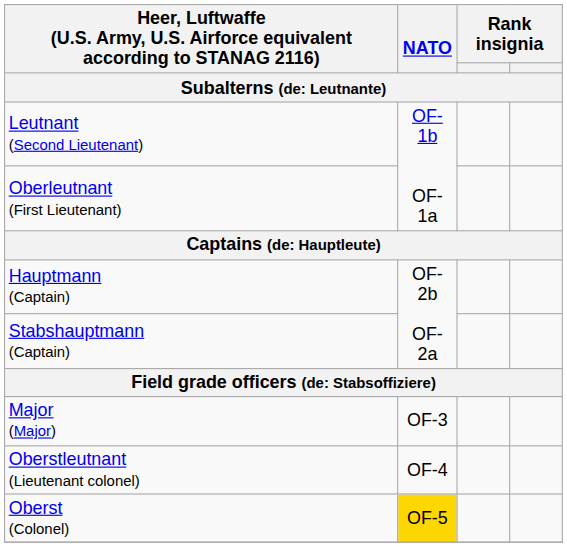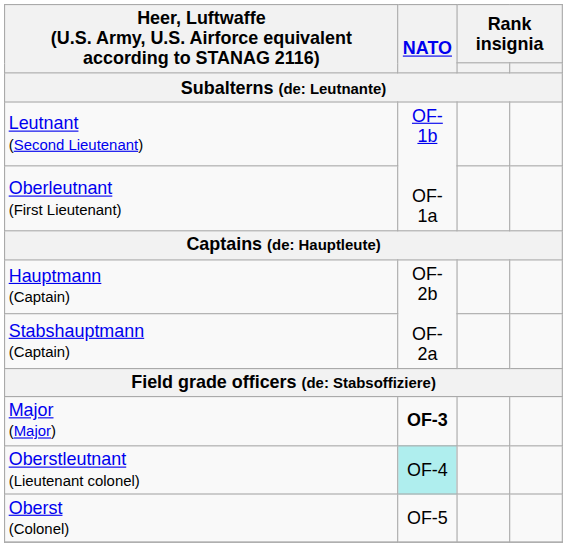 <table class="wikitable" style = "width:80%;">
 <tr>
 <th rowspan="2">Heer, Luftwaffe<br> (U.S. Army, U.S. Airforce equivalent according to STANAG 2116)</th>
 <th rowspan="2"><br><a href='#'>NATO</a></th>
 <th colspan="4">Rank insignia</th>
 </tr>
 <tr>
 <th></th>
 <th></th>
 </tr>
 <tr>
 <th colspan="7">Subalterns <small>(de: Leutnante)</small></th>
 </tr>
 <tr>
 <td><a href='#'>Leutnant</a><br><small>(<a href='#'>Second Lieutenant</a>)</small></td>
 <td align="center" rowspan="2"><a href='#'>OF-1b</a><br><br><br>OF-1a</td>
 <td></td>
 <td align="center"></td>
 </tr>
 <tr>
 <td><a href='#'>Oberleutnant</a><br><small>(First Lieutenant)</small></td>
 <td></td>
 <td></td>
 </tr>
 <tr>
 <th colspan="7">Captains <small>(de: Hauptleute)</small></th>
 </tr>
 <tr>
 <td><a href='#'>Hauptmann</a><br><small>(Captain)</small></td>
 <td align="center" rowspan="2">OF-2b<br><br>OF-2a</td>
 <td></td>
 <td></td>
 </tr>
 <tr>
 <td><a href='#'>Stabshauptmann</a><br><small>(Captain)</small></td>
 <td></td>
 <td></td>
 </tr>
 <tr>
 <th colspan="7">Field grade officers <small>(de: Stabsoffiziere)</small></th>
 </tr>
 <tr>
 <td><a href='#'>Major</a><br><small>(<a href='#'>Major</a>)</small></td>
-<td align="center">OF-3</td>
+<td align="center"><strong>OF-3</strong></td>
 <td></td>
 <td></td>
 </tr>
 <tr>
 <td><a href='#'>Oberstleutnant</a><br><small>(Lieutenant colonel)</small></td>
-<td align="center">OF-4</td>
+<td align="center" style="background: paleturquoise;">OF-4</td>
 <td></td>
 <td></td>
 </tr>
 <tr>
 <td><a href='#'>Oberst</a><br><small>(Colonel)</small></td>
-<td align="center" style="background: gold;">OF-5</td>
+<td align="center">OF-5</td>
 <td></td>
 <td></td>
 </tr>
 <tr>
 </tr>
 </table>
